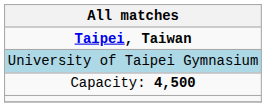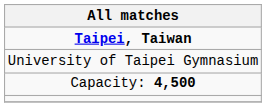 <table class="wikitable" style="text-align:center;">
 <tr>
 <th colspan=2>All matches</th>
 </tr>
 <tr>
 <td><strong><a href='#'>Taipei</a>, Taiwan</strong></td>
 </tr>
 <tr>
-<td style="background: lightblue;">University of Taipei Gymnasium</td>
+<td>University of Taipei Gymnasium</td>
 </tr>
 <tr>
 <td>Capacity: <strong>4,500</strong></td>
 </tr>
 <tr>
 <td></td>
 </tr>
 <tr>
 </tr>
 </table>
